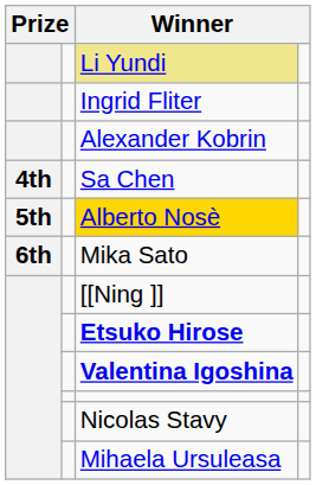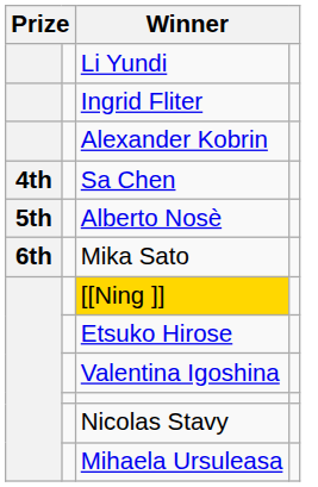 <table class="wikitable">
 <tr>
 <th colspan="2">Prize</th>
 <th colspan="2">Winner</th>
 </tr>
 <tr>
 <th></th>
 <td></td>
-<td style="background: khaki;"><a href='#'>Li Yundi</a></td>
+<td><a href='#'>Li Yundi</a></td>
 <td></td>
 </tr>
 <tr>
 <th></th>
 <td align="center"></td>
 <td><a href='#'>Ingrid Fliter</a></td>
 <td></td>
 </tr>
 <tr>
 <th></th>
 <td></td>
 <td><a href='#'>Alexander Kobrin</a></td>
 <td></td>
 </tr>
 <tr>
 <th>4th</th>
 <td></td>
 <td><a href='#'>Sa Chen</a></td>
 <td></td>
 </tr>
 <tr>
 <th>5th</th>
 <td></td>
-<td style="background: gold;"><a href='#'>Alberto Nosè</a></td>
+<td><a href='#'>Alberto Nosè</a></td>
 <td></td>
 </tr>
 <tr>
 <th>6th</th>
 <td></td>
 <td>Mika Sato</td>
 <td></td>
 </tr>
 <tr>
 <th rowspan="6"></th>
 <td></td>
-<td>[[Ning ]]</td>
+<td style="background: gold;">[[Ning ]]</td>
 <td></td>
 </tr>
 <tr>
 <td></td>
-<td><strong><a href='#'>Etsuko Hirose</a></strong></td>
+<td><a href='#'>Etsuko Hirose</a></td>
 <td></td>
 </tr>
 <tr>
 <td></td>
-<td><strong><a href='#'>Valentina Igoshina</a></strong></td>
+<td><a href='#'>Valentina Igoshina</a></td>
 <td></td>
 </tr>
 <tr>
 <td></td>
 <td></td>
 <td></td>
 </tr>
 <tr>
 <td></td>
 <td>Nicolas Stavy</td>
 <td></td>
 </tr>
 <tr>
 <td></td>
 <td><a href='#'>Mihaela Ursuleasa</a></td>
 <td></td>
 </tr>
 </table>
